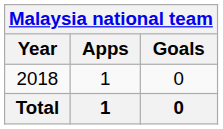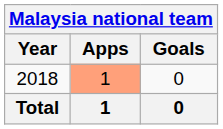 <table class="wikitable" style="text-align:center">
 <tr>
 <th colspan=3><a href='#'>Malaysia national team</a></th>
 </tr>
 <tr>
 <th>Year</th>
 <th>Apps</th>
 <th>Goals</th>
 </tr>
 <tr>
 <td>2018</td>
-<td>1</td>
+<td style="background: lightsalmon;">1</td>
 <td>0</td>
 </tr>
 <tr>
 <th>Total</th>
 <th>1</th>
 <th>0</th>
 </tr>
 </table>
